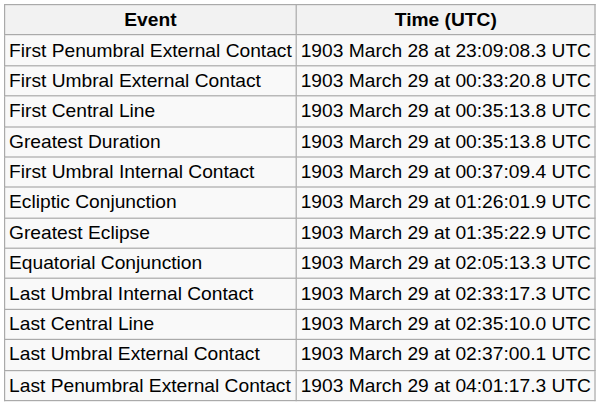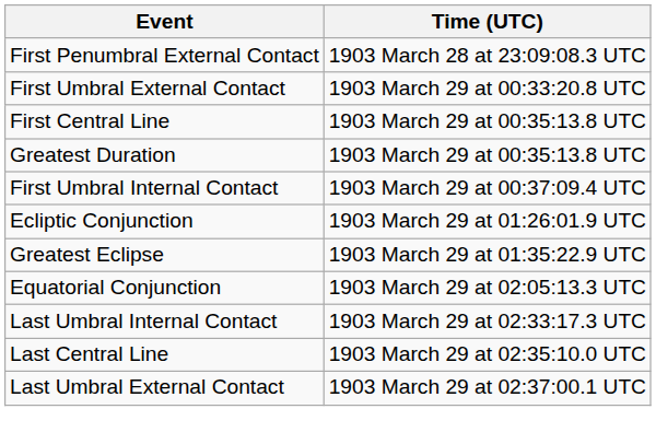 <table class="wikitable">
 <tr>
 <th>Event</th>
 <th>Time (UTC)</th>
 </tr>
 <tr>
 <td>First Penumbral External Contact</td>
 <td>1903 March 28 at 23:09:08.3 UTC</td>
 </tr>
 <tr>
 <td>First Umbral External Contact</td>
 <td>1903 March 29 at 00:33:20.8 UTC</td>
 </tr>
 <tr>
 <td>First Central Line</td>
 <td>1903 March 29 at 00:35:13.8 UTC</td>
 </tr>
 <tr>
 <td>Greatest Duration</td>
 <td>1903 March 29 at 00:35:13.8 UTC</td>
 </tr>
 <tr>
 <td>First Umbral Internal Contact</td>
 <td>1903 March 29 at 00:37:09.4 UTC</td>
 </tr>
 <tr>
 <td>Ecliptic Conjunction</td>
 <td>1903 March 29 at 01:26:01.9 UTC</td>
 </tr>
 <tr>
 <td>Greatest Eclipse</td>
 <td>1903 March 29 at 01:35:22.9 UTC</td>
 </tr>
 <tr>
 <td>Equatorial Conjunction</td>
 <td>1903 March 29 at 02:05:13.3 UTC</td>
 </tr>
 <tr>
 <td>Last Umbral Internal Contact</td>
 <td>1903 March 29 at 02:33:17.3 UTC</td>
 </tr>
 <tr>
 <td>Last Central Line</td>
 <td>1903 March 29 at 02:35:10.0 UTC</td>
 </tr>
 <tr>
 <td>Last Umbral External Contact</td>
 <td>1903 March 29 at 02:37:00.1 UTC</td>
 </tr>
-<tr>
-<td>Last Penumbral External Contact</td>
-<td>1903 March 29 at 04:01:17.3 UTC</td>
-</tr>
 </table>
